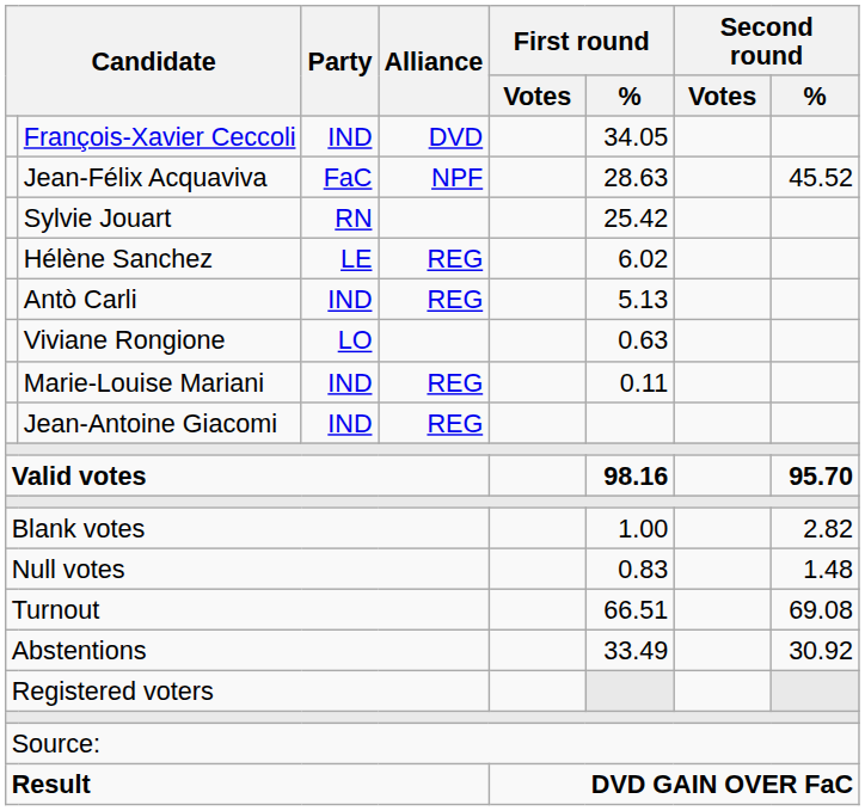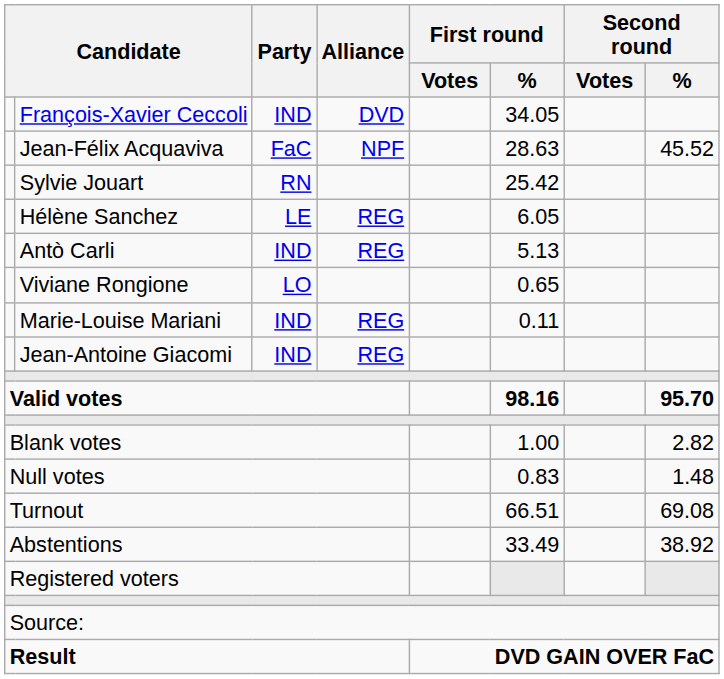 <table class="wikitable" style="text-align:right;font-size:95%;">
 <tr>
 <th colspan="2" rowspan="2">Candidate</th>
 <th colspan="1" rowspan="2">Party</th>
 <th colspan="1" rowspan="2">Alliance</th>
 <th colspan="2">First round</th>
 <th colspan="2">Second round</th>
 </tr>
 <tr>
 <th style="width:50px;">Votes</th>
 <th style="width:45px;">%</th>
 <th style="width:50px;">Votes</th>
 <th style="width:45px;">%</th>
 </tr>
 <tr>
 <td style="color:inherit;background:"></td>
 <td style="text-align:left;"><a href='#'>François-Xavier Ceccoli</a></td>
 <td><a href='#'>IND</a></td>
 <td><a href='#'>DVD</a></td>
 <td></td>
 <td>34.05</td>
 <td><strong></strong></td>
 <td><strong></strong></td>
 </tr>
 <tr>
 <td style="color:inherit;background:"></td>
 <td style="text-align:left;">Jean-Félix Acquaviva</td>
 <td><a href='#'>FaC</a></td>
 <td><a href='#'>NPF</a></td>
 <td></td>
 <td>28.63</td>
 <td></td>
 <td>45.52</td>
 </tr>
 <tr>
 <td style="color:inherit;background:"></td>
 <td style="text-align:left;">Sylvie Jouart</td>
 <td><a href='#'>RN</a></td>
 <td></td>
 <td></td>
 <td>25.42</td>
 <td></td>
 <td></td>
 </tr>
 <tr>
 <td style="color:inherit;background:"></td>
 <td style="text-align:left;">Hélène Sanchez</td>
 <td><a href='#'>LE</a></td>
 <td><a href='#'>REG</a></td>
 <td></td>
-<td>6.02</td>
+<td>6.05</td>
 <td></td>
 <td></td>
 </tr>
 <tr>
 <td style="color:inherit;background:"></td>
 <td style="text-align:left;">Antò Carli</td>
 <td><a href='#'>IND</a></td>
 <td><a href='#'>REG</a></td>
 <td></td>
 <td>5.13</td>
 <td></td>
 <td></td>
 </tr>
 <tr>
 <td style="color:inherit;background:"></td>
 <td style="text-align:left;">Viviane Rongione</td>
 <td><a href='#'>LO</a></td>
 <td></td>
 <td></td>
-<td>0.63</td>
+<td>0.65</td>
 <td></td>
 <td></td>
 </tr>
 <tr>
 <td style="color:inherit;background:"></td>
 <td style="text-align:left;">Marie-Louise Mariani</td>
 <td><a href='#'>IND</a></td>
 <td><a href='#'>REG</a></td>
 <td></td>
 <td>0.11</td>
 <td></td>
 <td></td>
 </tr>
 <tr>
 <td style="color:inherit;background:"></td>
 <td style="text-align:left;">Jean-Antoine Giacomi</td>
 <td><a href='#'>IND</a></td>
 <td><a href='#'>REG</a></td>
 <td></td>
 <td></td>
 <td></td>
 <td></td>
 </tr>
 <tr>
 <td colspan="8" style="background:#E9E9E9;"></td>
 </tr>
 <tr style="font-weight:bold;">
 <td colspan="4" style="text-align:left;">Valid votes</td>
 <td></td>
 <td>98.16</td>
 <td></td>
 <td>95.70</td>
 </tr>
 <tr>
 <td colspan="8" style="background:#E9E9E9;"></td>
 </tr>
 <tr>
 <td colspan="4" style="text-align:left;">Blank votes</td>
 <td></td>
 <td>1.00</td>
 <td></td>
 <td>2.82</td>
 </tr>
 <tr>
 <td colspan="4" style="text-align:left;">Null votes</td>
 <td></td>
 <td>0.83</td>
 <td></td>
 <td>1.48</td>
 </tr>
 <tr>
 <td colspan="4" style="text-align:left;">Turnout</td>
 <td></td>
 <td>66.51</td>
 <td></td>
 <td>69.08</td>
 </tr>
 <tr>
 <td colspan="4" style="text-align:left;">Abstentions</td>
 <td></td>
 <td>33.49</td>
 <td></td>
-<td>30.92</td>
+<td>38.92</td>
 </tr>
 <tr>
 <td colspan="4" style="text-align:left;">Registered voters</td>
 <td></td>
 <td style="background:#E9E9E9;"></td>
 <td></td>
 <td style="background:#E9E9E9;"></td>
 </tr>
 <tr>
 <td colspan="8" style="background:#E9E9E9;"></td>
 </tr>
 <tr>
 <td colspan="8" style="text-align:left;">Source: </td>
 </tr>
 <tr style="font-weight:bold">
 <td colspan="4" style="text-align:left;">Result</td>
 <td colspan="4" style="background-color:">DVD GAIN OVER FaC</td>
 </tr>
 </table>
